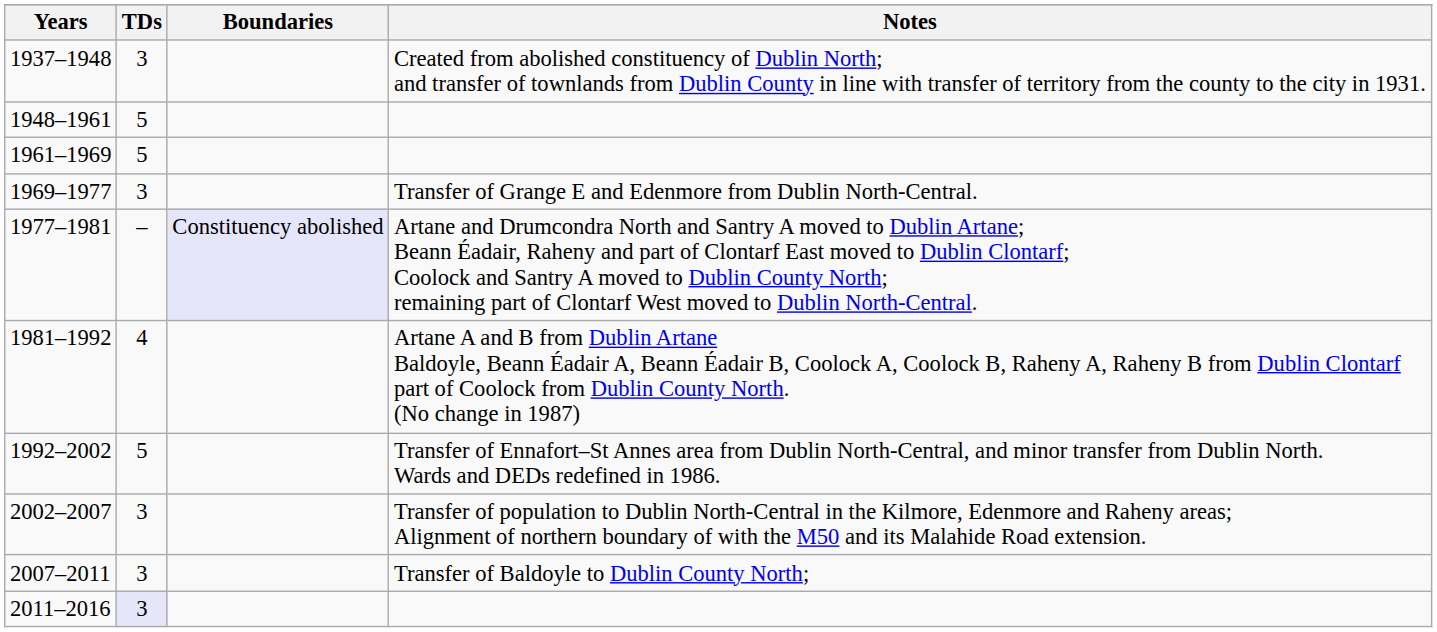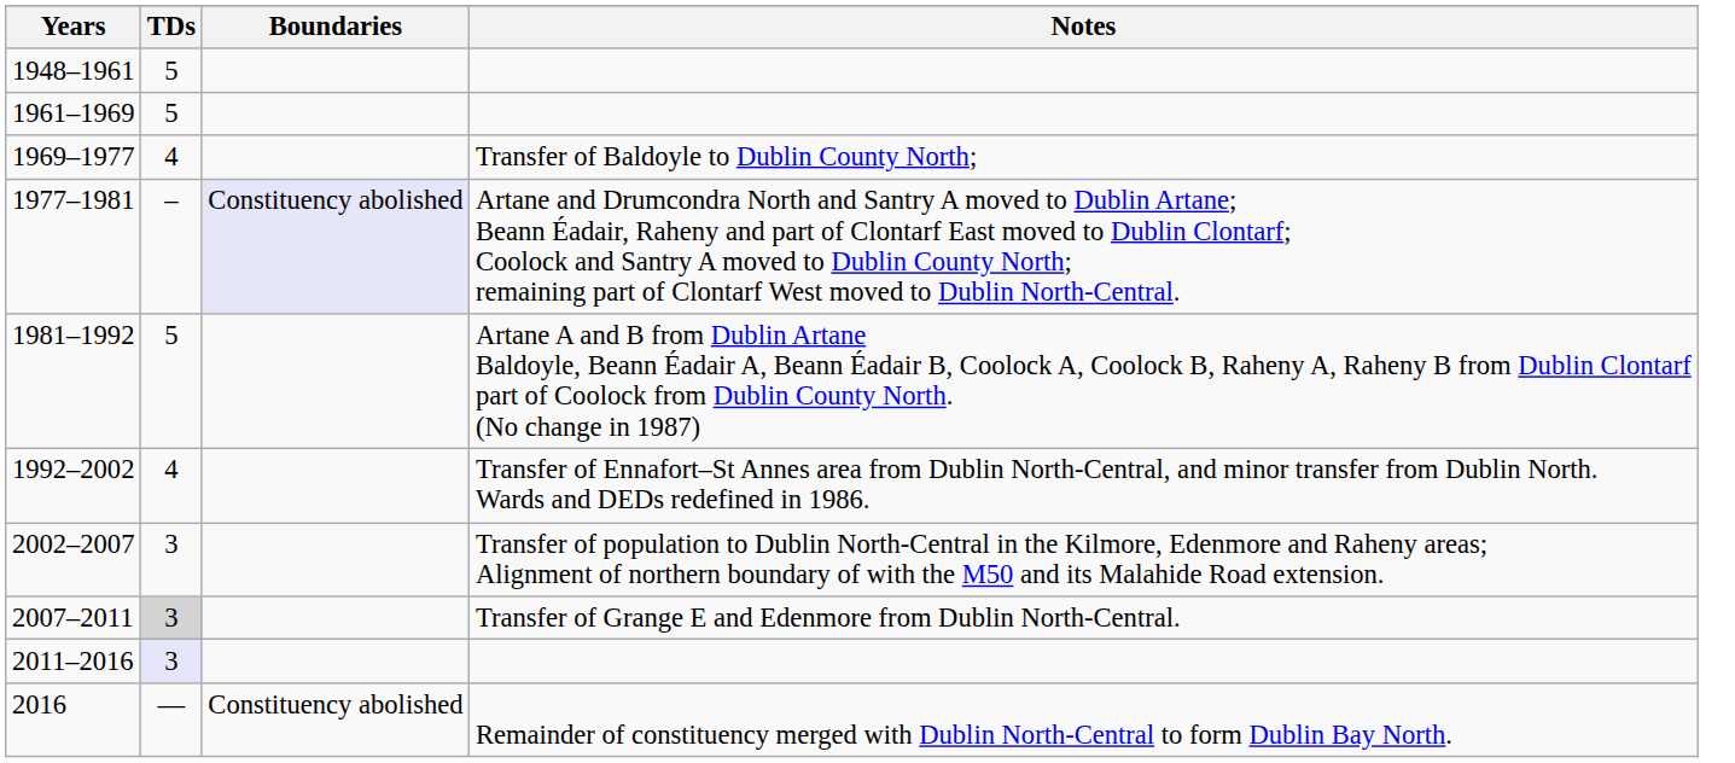 <table class="wikitable">
 <tr>
 </tr>
 <tr>
 <th>Years</th>
 <th>TDs</th>
 <th>Boundaries</th>
 <th>Notes</th>
-</tr>
-<tr style="vertical-align:top">
-<td>1937–1948</td>
-<td style="text-align:center">3</td>
-<td></td>
-<td>Created from abolished constituency of <a href='#'>Dublin North</a>;<br>and transfer of townlands from <a href='#'>Dublin County</a> in line with transfer of territory from the county to the city in 1931.</td>
 </tr>
 <tr style="vertical-align:top">
 <td>1948–1961</td>
 <td style="text-align:center">5</td>
 <td><br></td>
 <td></td>
 </tr>
 <tr style="vertical-align:top">
 <td>1961–1969</td>
 <td style="text-align:center">5</td>
 <td></td>
 <td></td>
 </tr>
 <tr style="vertical-align:top">
 <td>1969–1977</td>
-<td style="text-align:center">3</td>
+<td style="text-align:center">4</td>
 <td></td>
-<td>Transfer of Grange E and Edenmore from Dublin North-Central.</td>
+<td>Transfer of Baldoyle to <a href='#'>Dublin County North</a>;<br></td>
 </tr>
 <tr style="vertical-align:top">
 <td>1977–1981</td>
 <td style="text-align:center">–</td>
 <td style="background: lavender; text-align:center">Constituency abolished</td>
 <td>Artane and Drumcondra North and Santry A moved to <a href='#'>Dublin Artane</a>;<br>Beann Éadair, Raheny and part of Clontarf East moved to <a href='#'>Dublin Clontarf</a>;<br>Coolock and Santry A moved to <a href='#'>Dublin County North</a>;<br>remaining part of Clontarf West moved to <a href='#'>Dublin North-Central</a>.</td>
 </tr>
 <tr style="vertical-align:top">
 <td>1981–1992</td>
-<td style="text-align:center">4</td>
+<td style="text-align:center">5</td>
 <td><br></td>
 <td>Artane A and B from <a href='#'>Dublin Artane</a><br>Baldoyle, Beann Éadair A, Beann Éadair B, Coolock A, Coolock B, Raheny A, Raheny B from <a href='#'>Dublin Clontarf</a><br>part of Coolock from <a href='#'>Dublin County North</a>. <br>(No change in 1987)</td>
 </tr>
 <tr style="vertical-align:top">
 <td>1992–2002</td>
-<td style="text-align:center">5</td>
+<td style="text-align:center">4</td>
 <td><br></td>
 <td>Transfer of Ennafort–St Annes area from Dublin North-Central, and minor transfer from Dublin North.<br>Wards and DEDs redefined in 1986.</td>
 </tr>
 <tr style="vertical-align:top">
 <td>2002–2007</td>
 <td style="text-align:center">3</td>
 <td><br></td>
 <td>Transfer of population to Dublin North-Central in the Kilmore, Edenmore and Raheny areas;<br>Alignment of northern boundary of with the <a href='#'>M50</a> and its Malahide Road extension.</td>
 </tr>
 <tr style="vertical-align:top">
 <td>2007–2011</td>
-<td style="text-align:center">3</td>
+<td style="background: lightgrey; text-align:center">3</td>
 <td><br></td>
-<td>Transfer of Baldoyle to <a href='#'>Dublin County North</a>;<br></td>
+<td>Transfer of Grange E and Edenmore from Dublin North-Central.</td>
 </tr>
 <tr style="vertical-align:top">
 <td>2011–2016</td>
 <td style="background: lavender; text-align:center">3</td>
 <td><br></td>
 <td></td>
 </tr>
+<tr style="vertical-align:top">
+<td>2016</td>
+<td style="text-align:center">—</td>
+<td>Constituency abolished</td>
+<td><br>Remainder of constituency merged with <a href='#'>Dublin North-Central</a> to form <a href='#'>Dublin Bay North</a>.</td>
+</tr>
 </table>
